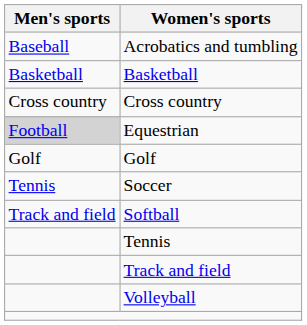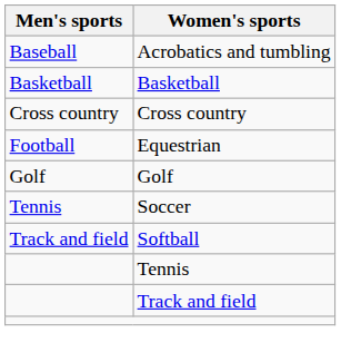 <table class="wikitable"  style=" ">
 <tr>
 <th width=px>Men's sports</th>
 <th width=px>Women's sports</th>
 </tr>
 <tr>
 <td><a href='#'>Baseball</a></td>
 <td>Acrobatics and tumbling</td>
 </tr>
 <tr>
 <td><a href='#'>Basketball</a></td>
 <td><a href='#'>Basketball</a></td>
 </tr>
 <tr>
 <td>Cross country</td>
 <td>Cross country</td>
 </tr>
 <tr>
-<td style="background: lightgrey;"><a href='#'>Football</a></td>
+<td><a href='#'>Football</a></td>
 <td>Equestrian</td>
 </tr>
 <tr>
 <td>Golf</td>
 <td>Golf</td>
 </tr>
 <tr>
 <td><a href='#'>Tennis</a></td>
 <td>Soccer</td>
 </tr>
 <tr>
 <td><a href='#'>Track and field</a></td>
 <td><a href='#'>Softball</a></td>
 </tr>
 <tr>
 <td></td>
 <td>Tennis</td>
 </tr>
 <tr>
 <td></td>
 <td><a href='#'>Track and field</a></td>
 </tr>
 <tr>
-<td></td>
-<td><a href='#'>Volleyball</a></td>
-</tr>
-<tr>
 <td colspan="2"></td>
 </tr>
 </table>
